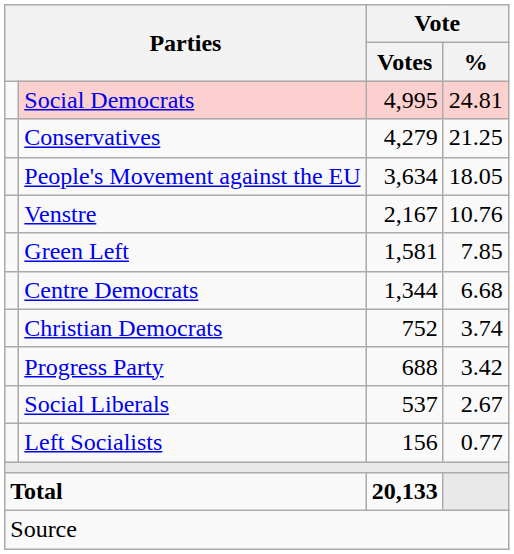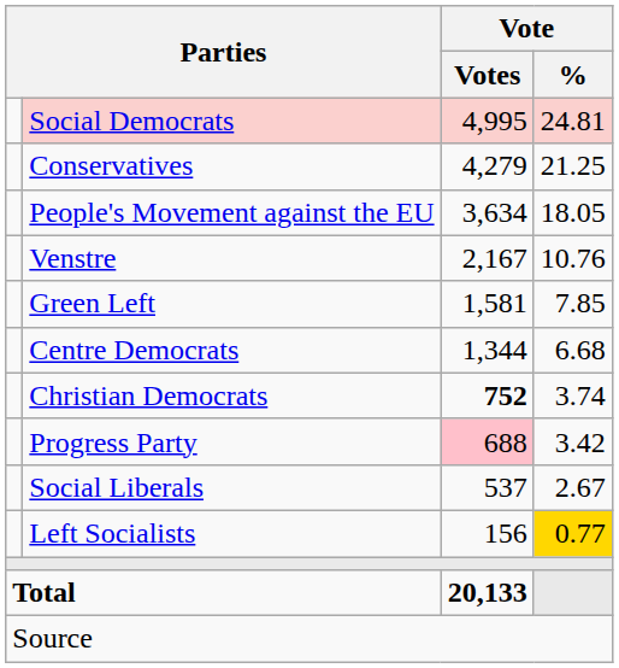 <table class="wikitable" style="text-align:right;">
 <tr>
 <th style="text-align:centre;" rowspan="2" colspan="2" width="225">Parties</th>
 <th colspan="3">Vote</th>
 </tr>
 <tr>
 <th width="15">Votes</th>
 <th width="15">%</th>
 </tr>
 <tr>
 <td width="2" style="color:inherit;background:"></td>
 <td bgcolor=#fbd0ce   align="left"><a href='#'>Social Democrats</a></td>
 <td bgcolor=#fbd0ce>4,995</td>
 <td bgcolor=#fbd0ce>24.81</td>
 </tr>
 <tr>
 <td width="2" style="color:inherit;background:"></td>
 <td align="left"><a href='#'>Conservatives</a></td>
 <td>4,279</td>
 <td>21.25</td>
 </tr>
 <tr>
 <td width="2" style="color:inherit;background:"></td>
 <td align="left"><a href='#'>People's Movement against the EU</a></td>
 <td>3,634</td>
 <td>18.05</td>
 </tr>
 <tr>
 <td width="2" style="color:inherit;background:"></td>
 <td align="left"><a href='#'>Venstre</a></td>
 <td>2,167</td>
 <td>10.76</td>
 </tr>
 <tr>
 <td width="2" style="color:inherit;background:"></td>
 <td align="left"><a href='#'>Green Left</a></td>
 <td>1,581</td>
 <td>7.85</td>
 </tr>
 <tr>
 <td width="2" style="color:inherit;background:"></td>
 <td align="left"><a href='#'>Centre Democrats</a></td>
 <td>1,344</td>
 <td>6.68</td>
 </tr>
 <tr>
 <td width="2" style="color:inherit;background:"></td>
 <td align="left"><a href='#'>Christian Democrats</a></td>
-<td>752</td>
+<td><strong>752</strong></td>
 <td>3.74</td>
 </tr>
 <tr>
 <td width="2" style="color:inherit;background:"></td>
 <td align="left"><a href='#'>Progress Party</a></td>
-<td>688</td>
+<td style="background: pink;">688</td>
 <td>3.42</td>
 </tr>
 <tr>
 <td width="2" style="color:inherit;background:"></td>
 <td align="left"><a href='#'>Social Liberals</a></td>
 <td>537</td>
 <td>2.67</td>
 </tr>
 <tr>
 <td width="2" style="color:inherit;background:"></td>
 <td align="left"><a href='#'>Left Socialists</a></td>
 <td>156</td>
-<td>0.77</td>
+<td style="background: gold;">0.77</td>
 </tr>
 <tr>
 <td colspan="7" bgcolor="#E9E9E9"></td>
 </tr>
 <tr>
 <td align="left" colspan="2"><strong>Total</strong></td>
 <td><strong>20,133</strong></td>
 <td bgcolor="#E9E9E9" colspan="2"></td>
 </tr>
 <tr>
 <td align="left" colspan="6">Source</td>
 </tr>
 </table>
